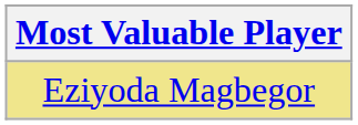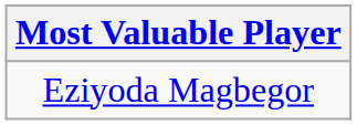 <table class=wikitable style="text-align:center; margin:auto">
 <tr>
 <th><a href='#'>Most Valuable Player</a></th>
 </tr>
 <tr>
-<td style="background: khaki;"> <a href='#'>Eziyoda Magbegor</a></td>
+<td> <a href='#'>Eziyoda Magbegor</a></td>
 </tr>
 </table>
